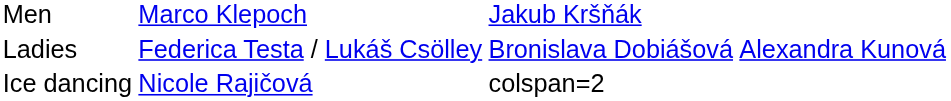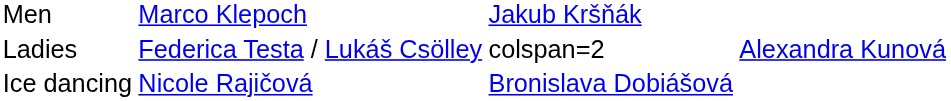 <table>
 <tr>
 <td>Men</td>
 <td><a href='#'>Marco Klepoch</a></td>
 <td><a href='#'>Jakub Kršňák</a></td>
 <td></td>
 </tr>
 <tr>
 <td>Ladies</td>
 <td><a href='#'>Federica Testa</a> / <a href='#'>Lukáš Csölley</a></td>
-<td><a href='#'>Bronislava Dobiášová</a></td>
+<td>colspan=2 </td>
 <td><a href='#'>Alexandra Kunová</a></td>
 </tr>
 <tr>
 <td>Ice dancing</td>
 <td><a href='#'>Nicole Rajičová</a></td>
-<td>colspan=2 </td>
+<td><a href='#'>Bronislava Dobiášová</a></td>
 </tr>
 </table>
